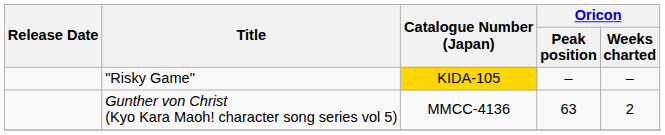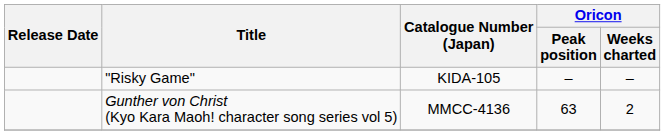 <table class="wikitable plainrowheaders" style="text-align:center">
 <tr>
 <th rowspan=2; style=>Release Date</th>
 <th rowspan=2; style=>Title</th>
 <th rowspan=2;>Catalogue Number <br>(Japan)</th>
 <th colspan=2; style=><a href='#'>Oricon</a><br></th>
 </tr>
 <tr>
 <th style=>Peak<br>position</th>
 <th style=>Weeks<br> charted</th>
 </tr>
 <tr>
 <td></td>
 <td align=left>"Risky Game"</td>
-<td style="background: gold;">KIDA-105 </td>
+<td>KIDA-105 </td>
 <td>–</td>
 <td>–</td>
 </tr>
 <tr>
 <td></td>
 <td align=left><em>Gunther von Christ</em><br>(Kyo Kara Maoh! character song series vol 5)</td>
 <td>MMCC-4136</td>
 <td>63</td>
 <td>2</td>
 </tr>
 <tr>
 </tr>
 </table>
